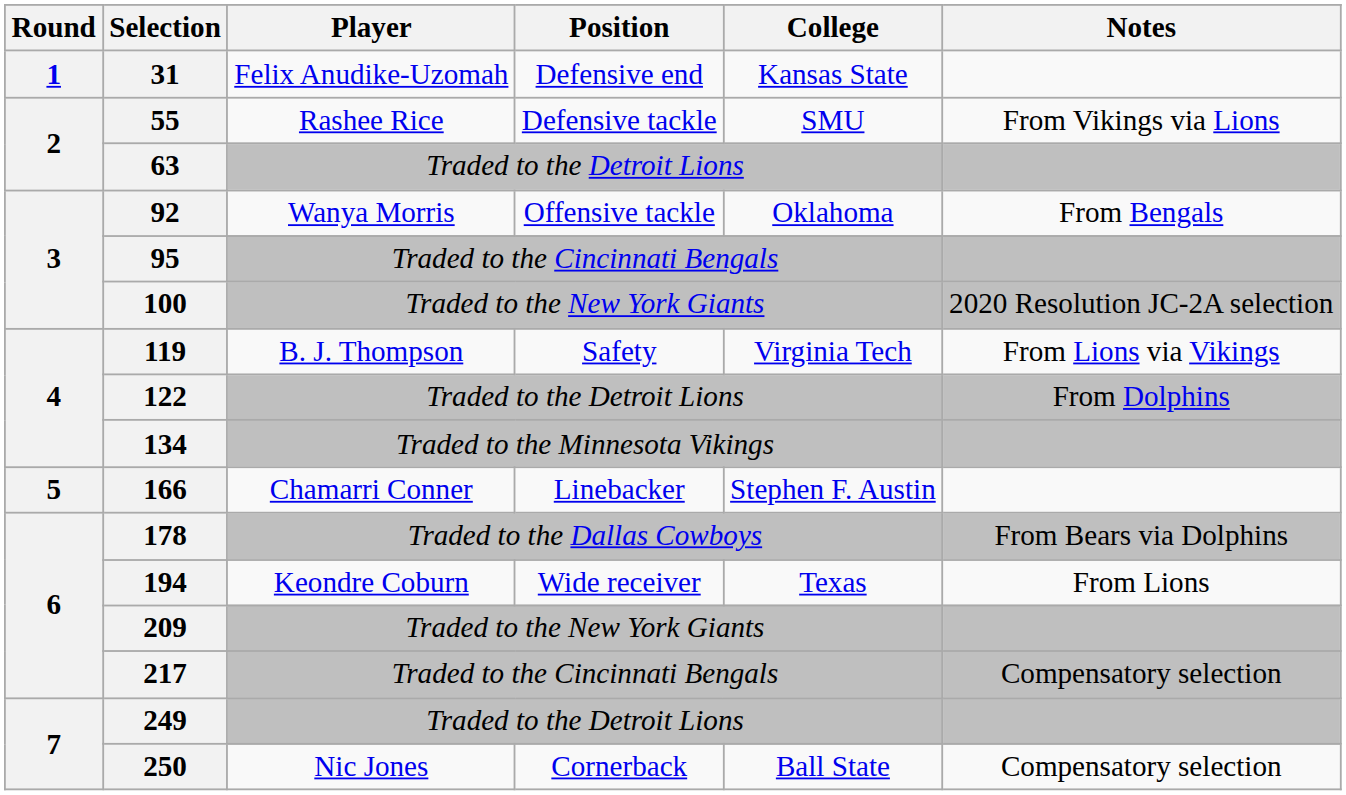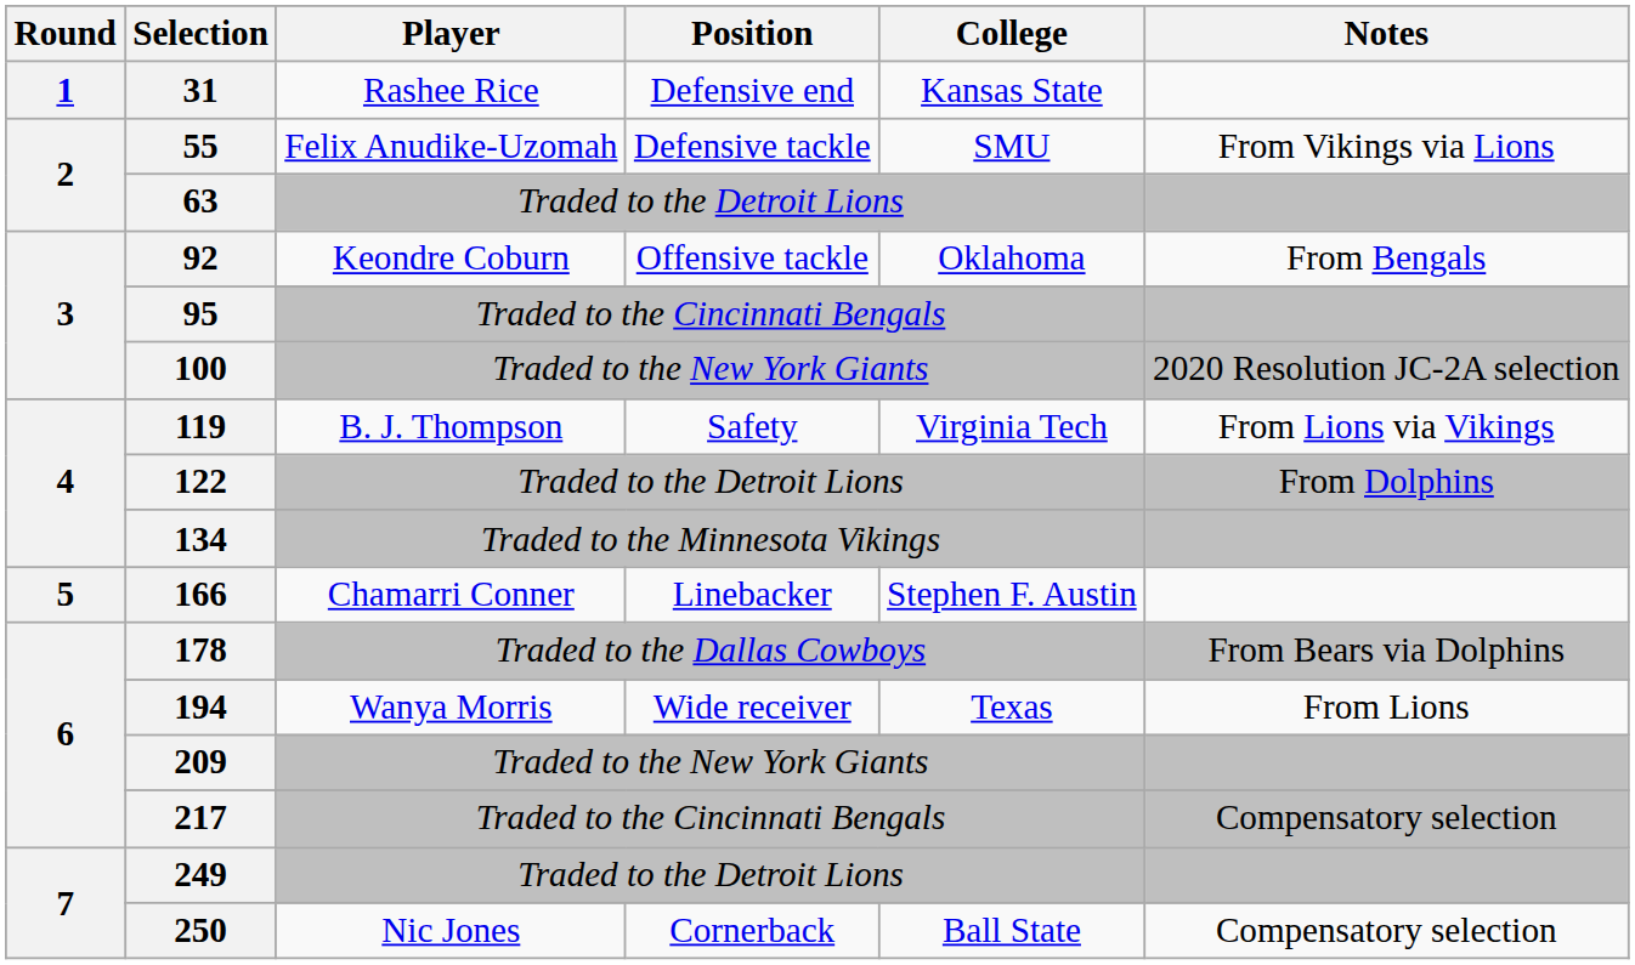 <table class="wikitable" style="text-align:center">
 <tr>
 <th>Round</th>
 <th>Selection</th>
 <th>Player</th>
 <th>Position</th>
 <th>College</th>
 <th>Notes</th>
 </tr>
 <tr>
 <th><a href='#'>1</a></th>
 <th>31</th>
-<td><a href='#'>Felix Anudike-Uzomah</a></td>
+<td><a href='#'>Rashee Rice</a></td>
 <td><a href='#'>Defensive end</a></td>
 <td><a href='#'>Kansas State</a></td>
 <td></td>
 </tr>
 <tr>
 <th rowspan="2">2</th>
 <th>55</th>
-<td><a href='#'>Rashee Rice</a></td>
+<td><a href='#'>Felix Anudike-Uzomah</a></td>
 <td><a href='#'>Defensive tackle</a></td>
 <td><a href='#'>SMU</a></td>
 <td>From Vikings via <a href='#'>Lions</a></td>
 </tr>
 <tr>
 <th>63</th>
 <td colspan="3" style="background:#BFBFBF"><em>Traded to the <a href='#'>Detroit Lions</a></em></td>
 <td style="background:#BFBFBF"></td>
 </tr>
 <tr>
 <th rowspan="3">3</th>
 <th>92</th>
-<td><a href='#'>Wanya Morris</a></td>
+<td><a href='#'>Keondre Coburn</a></td>
 <td><a href='#'>Offensive tackle</a></td>
 <td><a href='#'>Oklahoma</a></td>
 <td>From <a href='#'>Bengals</a></td>
 </tr>
 <tr>
 <th>95</th>
 <td colspan="3" style="background:#BFBFBF"><em>Traded to the <a href='#'>Cincinnati Bengals</a></em></td>
 <td style="background:#BFBFBF"></td>
 </tr>
 <tr>
 <th>100</th>
 <td colspan="3" style="background:#BFBFBF"><em>Traded to the <a href='#'>New York Giants</a></em></td>
 <td style="background:#BFBFBF">2020 Resolution JC-2A selection</td>
 </tr>
 <tr>
 <th rowspan="3">4</th>
 <th>119</th>
 <td><a href='#'>B. J. Thompson</a></td>
 <td><a href='#'>Safety</a></td>
 <td><a href='#'>Virginia Tech</a></td>
 <td>From <a href='#'>Lions</a> via <a href='#'>Vikings</a></td>
 </tr>
 <tr>
 <th>122</th>
 <td colspan="3" style="background:#BFBFBF"><em>Traded to the Detroit Lions</em></td>
 <td style="background:#BFBFBF">From <a href='#'>Dolphins</a></td>
 </tr>
 <tr>
 <th>134</th>
 <td colspan="3" style="background:#BFBFBF"><em>Traded to the Minnesota Vikings</em></td>
 <td style="background:#BFBFBF"></td>
 </tr>
 <tr>
 <th>5</th>
 <th>166</th>
 <td><a href='#'>Chamarri Conner</a></td>
 <td><a href='#'>Linebacker</a></td>
 <td><a href='#'>Stephen F. Austin</a></td>
 <td></td>
 </tr>
 <tr>
 <th rowspan="4">6</th>
 <th>178</th>
 <td colspan="3" style="background:#BFBFBF"><em>Traded to the <a href='#'>Dallas Cowboys</a></em></td>
 <td style="background:#BFBFBF">From Bears via Dolphins</td>
 </tr>
 <tr>
 <th>194</th>
-<td><a href='#'>Keondre Coburn</a></td>
+<td><a href='#'>Wanya Morris</a></td>
 <td><a href='#'>Wide receiver</a></td>
 <td><a href='#'>Texas</a></td>
 <td>From Lions</td>
 </tr>
 <tr>
 <th>209</th>
 <td colspan="3" style="background:#BFBFBF"><em>Traded to the New York Giants</em></td>
 <td style="background:#BFBFBF"></td>
 </tr>
 <tr>
 <th>217</th>
 <td colspan="3" style="background:#BFBFBF"><em>Traded to the Cincinnati Bengals</em></td>
 <td style="background:#BFBFBF">Compensatory selection</td>
 </tr>
 <tr>
 <th rowspan="2">7</th>
 <th>249</th>
 <td colspan="3" style="background:#BFBFBF"><em>Traded to the Detroit Lions</em></td>
 <td style="background:#BFBFBF"></td>
 </tr>
 <tr>
 <th>250</th>
 <td><a href='#'>Nic Jones</a></td>
 <td><a href='#'>Cornerback</a></td>
 <td><a href='#'>Ball State</a></td>
 <td>Compensatory selection</td>
 </tr>
 </table>
